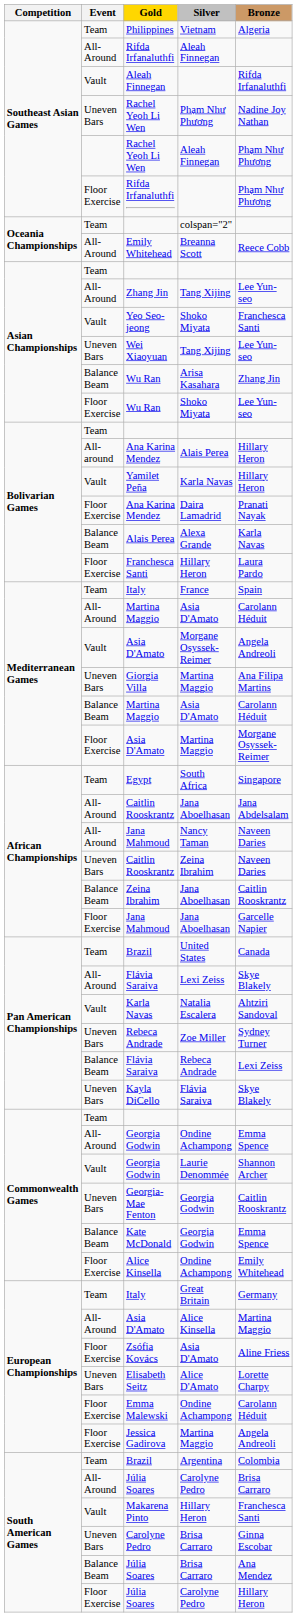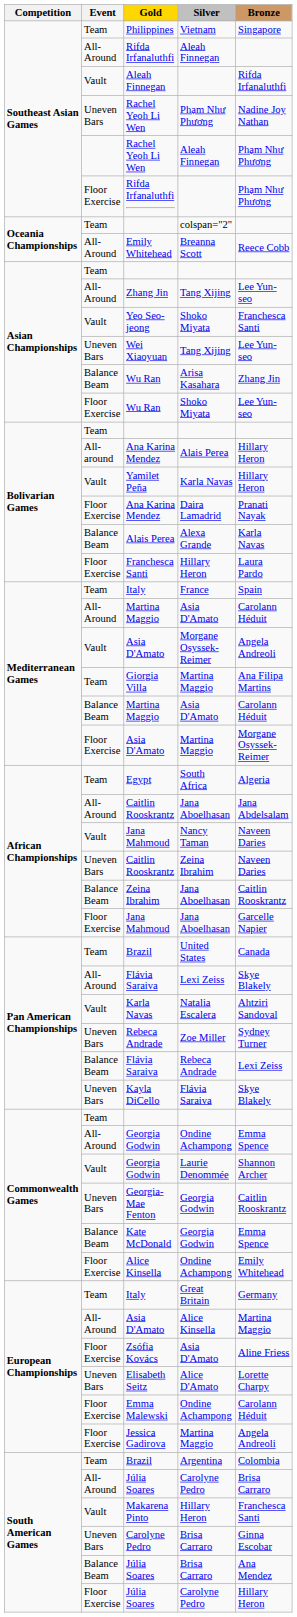 <table class="wikitable" style="width:70%;">
 <tr>
 <th style="text-align:center; width:5%;">Competition</th>
 <th style="text-align:center; width:5%;">Event</th>
 <td style="text-align:center; width:6%; background:gold;"><strong>Gold</strong></td>
 <td style="text-align:center; width:6%; background:silver;"><strong>Silver</strong></td>
 <td style="text-align:center; width:6%; background:#c96;"><strong>Bronze</strong></td>
 </tr>
 <tr>
 <td rowspan=6><strong>Southeast Asian Games</strong></td>
 <td>Team</td>
 <td> <a href='#'>Philippines</a></td>
 <td> <a href='#'>Vietnam</a></td>
-<td> <a href='#'>Algeria</a></td>
+<td> <a href='#'>Singapore</a></td>
 </tr>
 <tr>
 <td>All-Around</td>
 <td> <a href='#'>Rifda Irfanaluthfi</a></td>
 <td> <a href='#'>Aleah Finnegan</a></td>
 <td></td>
 </tr>
 <tr>
 <td>Vault</td>
 <td> <a href='#'>Aleah Finnegan</a></td>
 <td></td>
 <td> <a href='#'>Rifda Irfanaluthfi</a></td>
 </tr>
 <tr>
 <td>Uneven Bars</td>
 <td> <a href='#'>Rachel Yeoh Li Wen</a></td>
 <td> <a href='#'>Phạm Như Phương</a></td>
 <td> <a href='#'>Nadine Joy Nathan</a></td>
 </tr>
 <tr>
 <td></td>
 <td> <a href='#'>Rachel Yeoh Li Wen</a></td>
 <td> <a href='#'>Aleah Finnegan</a></td>
 <td> <a href='#'>Phạm Như Phương</a></td>
 </tr>
 <tr>
 <td> Floor Exercise </td>
 <td> <a href='#'>Rifda Irfanaluthfi</a><hr></td>
 <td></td>
 <td> <a href='#'>Phạm Như Phương</a></td>
 </tr>
 <tr>
 <td rowspan=2><strong>Oceania Championships</strong></td>
 <td>Team</td>
 <td></td>
 <td>colspan="2" </td>
 </tr>
 <tr>
 <td>All-Around</td>
 <td> <a href='#'>Emily Whitehead</a></td>
 <td> <a href='#'>Breanna Scott</a></td>
 <td> <a href='#'>Reece Cobb</a></td>
 </tr>
 <tr>
 <td rowspan=6><strong>Asian Championships</strong></td>
 <td>Team</td>
 <td></td>
 <td></td>
 <td></td>
 </tr>
 <tr>
 <td>All-Around</td>
 <td> <a href='#'>Zhang Jin</a></td>
 <td> <a href='#'>Tang Xijing</a></td>
 <td> <a href='#'>Lee Yun-seo</a></td>
 </tr>
 <tr>
 <td>Vault</td>
 <td> <a href='#'>Yeo Seo-jeong</a></td>
 <td> <a href='#'>Shoko Miyata</a></td>
 <td> <a href='#'>Franchesca Santi</a></td>
 </tr>
 <tr>
 <td>Uneven Bars</td>
 <td> <a href='#'>Wei Xiaoyuan</a></td>
 <td> <a href='#'>Tang Xijing</a></td>
 <td> <a href='#'>Lee Yun-seo</a></td>
 </tr>
 <tr>
 <td>Balance Beam</td>
 <td> <a href='#'>Wu Ran</a></td>
 <td> <a href='#'>Arisa Kasahara</a></td>
 <td> <a href='#'>Zhang Jin</a></td>
 </tr>
 <tr>
 <td> Floor Exercise </td>
 <td> <a href='#'>Wu Ran</a></td>
 <td> <a href='#'>Shoko Miyata</a></td>
 <td> <a href='#'>Lee Yun-seo</a></td>
 </tr>
 <tr>
 <td rowspan="6"><strong>Bolivarian Games</strong></td>
 <td>Team</td>
 <td></td>
 <td></td>
 <td></td>
 </tr>
 <tr>
 <td>All-around</td>
 <td> <a href='#'>Ana Karina Mendez</a></td>
 <td> <a href='#'>Alais Perea</a></td>
 <td> <a href='#'>Hillary Heron</a></td>
 </tr>
 <tr>
 <td>Vault</td>
 <td> <a href='#'>Yamilet Peña</a></td>
 <td> <a href='#'>Karla Navas</a></td>
 <td> <a href='#'>Hillary Heron</a></td>
 </tr>
 <tr>
 <td> Floor Exercise </td>
 <td> <a href='#'>Ana Karina Mendez</a></td>
 <td> <a href='#'>Daira Lamadrid</a></td>
 <td> <a href='#'>Pranati Nayak</a></td>
 </tr>
 <tr>
 <td>Balance Beam</td>
 <td> <a href='#'>Alais Perea</a></td>
 <td> <a href='#'>Alexa Grande</a></td>
 <td> <a href='#'>Karla Navas</a></td>
 </tr>
 <tr>
 <td>Floor Exercise</td>
 <td> <a href='#'>Franchesca Santi</a></td>
 <td> <a href='#'>Hillary Heron</a></td>
 <td> <a href='#'>Laura Pardo</a></td>
 </tr>
 <tr>
 <td rowspan=6><strong>Mediterranean Games</strong></td>
 <td>Team</td>
 <td> <a href='#'>Italy</a></td>
 <td> <a href='#'>France</a></td>
 <td> <a href='#'>Spain</a></td>
 </tr>
 <tr>
 <td>All-Around</td>
 <td> <a href='#'>Martina Maggio</a></td>
 <td> <a href='#'>Asia D'Amato</a></td>
 <td> <a href='#'>Carolann Héduit</a></td>
 </tr>
 <tr>
 <td>Vault</td>
 <td> <a href='#'>Asia D'Amato</a></td>
 <td> <a href='#'>Morgane Osyssek-Reimer</a></td>
 <td> <a href='#'>Angela Andreoli</a></td>
 </tr>
 <tr>
-<td>Uneven Bars</td>
+<td>Team</td>
 <td> <a href='#'>Giorgia Villa</a></td>
 <td> <a href='#'>Martina Maggio</a></td>
 <td> <a href='#'>Ana Filipa Martins</a></td>
 </tr>
 <tr>
 <td>Balance Beam</td>
 <td> <a href='#'>Martina Maggio</a></td>
 <td> <a href='#'>Asia D'Amato</a></td>
 <td> <a href='#'>Carolann Héduit</a></td>
 </tr>
 <tr>
 <td> Floor Exercise </td>
 <td> <a href='#'>Asia D'Amato</a></td>
 <td> <a href='#'>Martina Maggio</a></td>
 <td> <a href='#'>Morgane Osyssek-Reimer</a></td>
 </tr>
 <tr>
 <td rowspan=6><strong>African Championships</strong></td>
 <td>Team</td>
 <td> <a href='#'>Egypt</a></td>
 <td> <a href='#'>South Africa</a></td>
-<td> <a href='#'>Singapore</a></td>
+<td> <a href='#'>Algeria</a></td>
 </tr>
 <tr>
 <td>All-Around</td>
 <td> <a href='#'>Caitlin Rooskrantz</a></td>
 <td> <a href='#'>Jana Aboelhasan</a></td>
 <td> <a href='#'>Jana Abdelsalam</a></td>
 </tr>
 <tr>
-<td>All-Around</td>
+<td>Vault</td>
 <td> <a href='#'>Jana Mahmoud</a></td>
 <td> <a href='#'>Nancy Taman</a></td>
 <td> <a href='#'>Naveen Daries</a></td>
 </tr>
 <tr>
 <td>Uneven Bars</td>
 <td> <a href='#'>Caitlin Rooskrantz</a></td>
 <td> <a href='#'>Zeina Ibrahim</a></td>
 <td> <a href='#'>Naveen Daries</a></td>
 </tr>
 <tr>
 <td>Balance Beam</td>
 <td> <a href='#'>Zeina Ibrahim</a></td>
 <td> <a href='#'>Jana Aboelhasan</a></td>
 <td> <a href='#'>Caitlin Rooskrantz</a></td>
 </tr>
 <tr>
 <td> Floor Exercise </td>
 <td> <a href='#'>Jana Mahmoud</a></td>
 <td> <a href='#'>Jana Aboelhasan</a></td>
 <td> <a href='#'>Garcelle Napier</a></td>
 </tr>
 <tr>
 <td rowspan=6><strong>Pan American Championships</strong></td>
 <td>Team</td>
 <td> <a href='#'>Brazil</a></td>
 <td> <a href='#'>United States</a></td>
 <td> <a href='#'>Canada</a></td>
 </tr>
 <tr>
 <td>All-Around</td>
 <td> <a href='#'>Flávia Saraiva</a></td>
 <td> <a href='#'>Lexi Zeiss</a></td>
 <td> <a href='#'>Skye Blakely</a></td>
 </tr>
 <tr>
 <td>Vault</td>
 <td> <a href='#'>Karla Navas</a></td>
 <td> <a href='#'>Natalia Escalera</a></td>
 <td> <a href='#'>Ahtziri Sandoval</a></td>
 </tr>
 <tr>
 <td>Uneven Bars</td>
 <td> <a href='#'>Rebeca Andrade</a></td>
 <td> <a href='#'>Zoe Miller</a></td>
 <td> <a href='#'>Sydney Turner</a></td>
 </tr>
 <tr>
 <td>Balance Beam</td>
 <td> <a href='#'>Flávia Saraiva</a></td>
 <td> <a href='#'>Rebeca Andrade</a></td>
 <td> <a href='#'>Lexi Zeiss</a></td>
 </tr>
 <tr>
 <td>Uneven Bars</td>
 <td> <a href='#'>Kayla DiCello</a></td>
 <td> <a href='#'>Flávia Saraiva</a></td>
 <td> <a href='#'>Skye Blakely</a></td>
 </tr>
 <tr>
 <td rowspan=6><strong>Commonwealth Games</strong></td>
 <td>Team</td>
 <td></td>
 <td></td>
 <td></td>
 </tr>
 <tr>
 <td>All-Around</td>
 <td> <a href='#'>Georgia Godwin</a></td>
 <td> <a href='#'>Ondine Achampong</a></td>
 <td> <a href='#'>Emma Spence</a></td>
 </tr>
 <tr>
 <td>Vault</td>
 <td> <a href='#'>Georgia Godwin</a></td>
 <td> <a href='#'>Laurie Denommée</a></td>
 <td> <a href='#'>Shannon Archer</a></td>
 </tr>
 <tr>
 <td>Uneven Bars</td>
 <td> <a href='#'>Georgia-Mae Fenton</a></td>
 <td> <a href='#'>Georgia Godwin</a></td>
 <td> <a href='#'>Caitlin Rooskrantz</a></td>
 </tr>
 <tr>
 <td>Balance Beam</td>
 <td> <a href='#'>Kate McDonald</a></td>
 <td> <a href='#'>Georgia Godwin</a></td>
 <td> <a href='#'>Emma Spence</a></td>
 </tr>
 <tr>
 <td> Floor Exercise </td>
 <td> <a href='#'>Alice Kinsella</a></td>
 <td> <a href='#'>Ondine Achampong</a></td>
 <td> <a href='#'>Emily Whitehead</a></td>
 </tr>
 <tr>
 <td rowspan=6><strong>European Championships</strong></td>
 <td>Team</td>
 <td> <a href='#'>Italy</a></td>
 <td> <a href='#'>Great Britain</a></td>
 <td> <a href='#'>Germany</a></td>
 </tr>
 <tr>
 <td>All-Around</td>
 <td> <a href='#'>Asia D'Amato</a></td>
 <td> <a href='#'>Alice Kinsella</a></td>
 <td> <a href='#'>Martina Maggio</a></td>
 </tr>
 <tr>
 <td> Floor Exercise </td>
 <td> <a href='#'>Zsófia Kovács</a></td>
 <td> <a href='#'>Asia D'Amato</a></td>
 <td> <a href='#'>Aline Friess</a></td>
 </tr>
 <tr>
 <td>Uneven Bars</td>
 <td> <a href='#'>Elisabeth Seitz</a></td>
 <td> <a href='#'>Alice D'Amato</a></td>
 <td> <a href='#'>Lorette Charpy</a></td>
 </tr>
 <tr>
 <td> Floor Exercise </td>
 <td> <a href='#'>Emma Malewski</a></td>
 <td> <a href='#'>Ondine Achampong</a></td>
 <td> <a href='#'>Carolann Héduit</a></td>
 </tr>
 <tr>
 <td> Floor Exercise </td>
 <td> <a href='#'>Jessica Gadirova</a></td>
 <td> <a href='#'>Martina Maggio</a></td>
 <td> <a href='#'>Angela Andreoli</a></td>
 </tr>
 <tr>
 <td rowspan=6><strong>South American Games</strong></td>
 <td>Team</td>
 <td> <a href='#'>Brazil</a></td>
 <td> <a href='#'>Argentina</a></td>
 <td> <a href='#'>Colombia</a></td>
 </tr>
 <tr>
 <td>All-Around</td>
 <td> <a href='#'>Júlia Soares</a></td>
 <td> <a href='#'>Carolyne Pedro</a></td>
 <td> <a href='#'>Brisa Carraro</a></td>
 </tr>
 <tr>
 <td>Vault</td>
 <td> <a href='#'>Makarena Pinto</a></td>
 <td> <a href='#'>Hillary Heron</a></td>
 <td> <a href='#'>Franchesca Santi</a></td>
 </tr>
 <tr>
 <td>Uneven Bars</td>
 <td> <a href='#'>Carolyne Pedro</a></td>
 <td> <a href='#'>Brisa Carraro</a></td>
 <td> <a href='#'>Ginna Escobar</a></td>
 </tr>
 <tr>
 <td>Balance Beam</td>
 <td> <a href='#'>Júlia Soares</a></td>
 <td> <a href='#'>Brisa Carraro</a></td>
 <td> <a href='#'>Ana Mendez</a></td>
 </tr>
 <tr>
 <td> Floor Exercise </td>
 <td> <a href='#'>Júlia Soares</a></td>
 <td> <a href='#'>Carolyne Pedro</a></td>
 <td> <a href='#'>Hillary Heron</a></td>
 </tr>
 </table>
